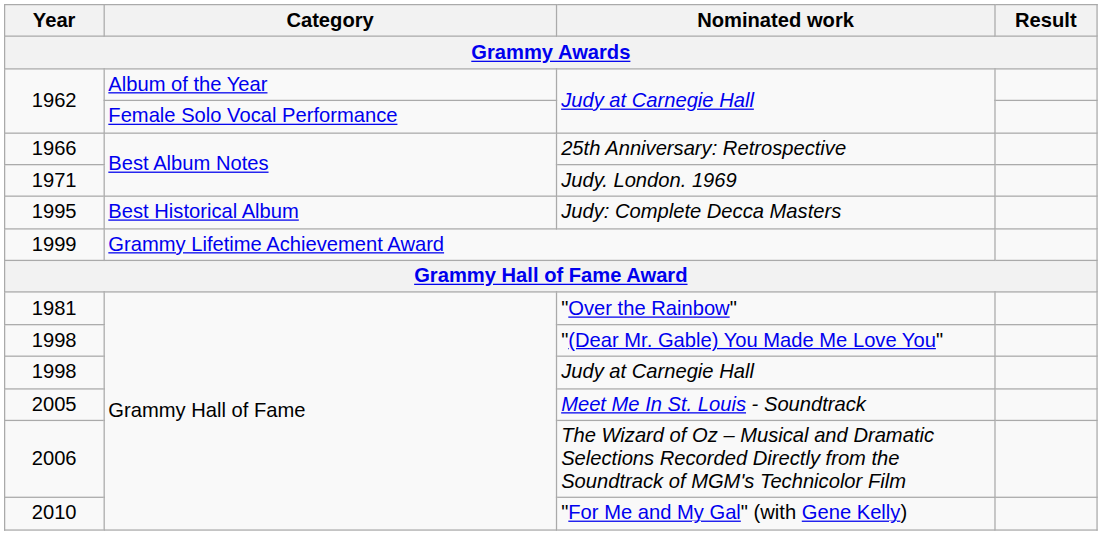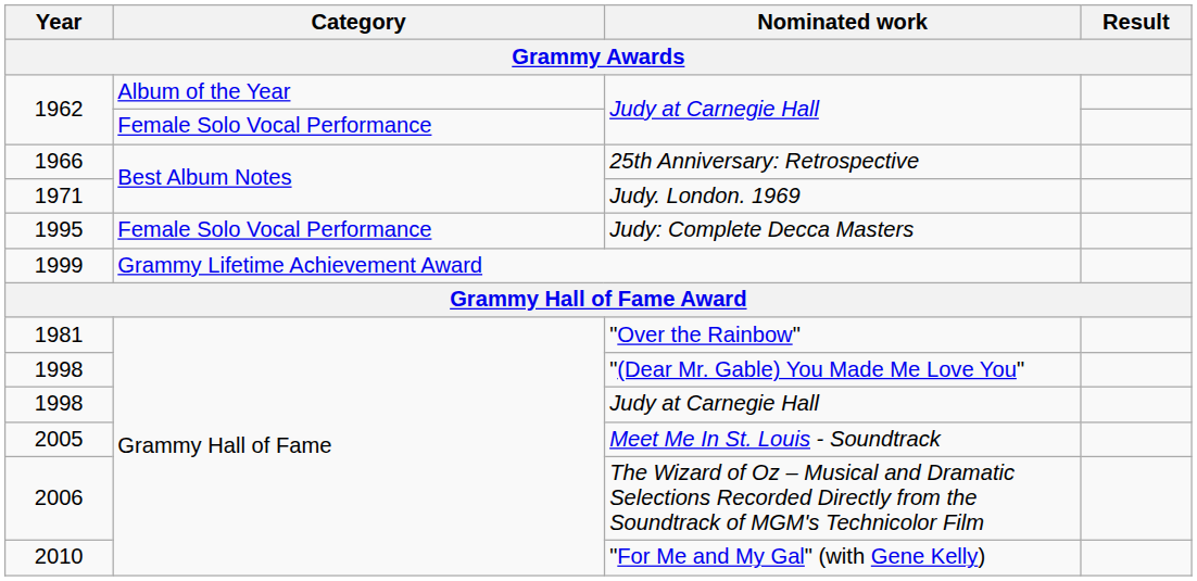 <table class=wikitable>
 <tr>
 <th scope="col" style="width:5em;">Year</th>
 <th scope="col" style="width:26em;">Category</th>
 <th scope="col" style="width:25em;">Nominated work</th>
 <th scope="col" style="width:5em;">Result</th>
 </tr>
 <tr>
 <th colspan=5><a href='#'>Grammy Awards</a></th>
 </tr>
 <tr>
 <td rowspan="2" style="text-align:center;">1962</td>
 <td><a href='#'>Album of the Year</a></td>
 <td rowspan="2"><em><a href='#'>Judy at Carnegie Hall</a></em></td>
 <td></td>
 </tr>
 <tr>
 <td><a href='#'>Female Solo Vocal Performance</a></td>
 <td></td>
 </tr>
 <tr>
 <td style="text-align:center;">1966</td>
 <td rowspan="2"><a href='#'>Best Album Notes</a></td>
 <td><em>25th Anniversary: Retrospective</em></td>
 <td></td>
 </tr>
 <tr>
 <td style="text-align:center;">1971</td>
 <td><em>Judy. London. 1969</em></td>
 <td></td>
 </tr>
 <tr>
 <td style="text-align:center;">1995</td>
-<td><a href='#'>Best Historical Album</a></td>
+<td><a href='#'>Female Solo Vocal Performance</a></td>
 <td><em>Judy: Complete Decca Masters</em></td>
 <td></td>
 </tr>
 <tr>
 <td style="text-align:center;">1999</td>
 <td colspan=2><a href='#'>Grammy Lifetime Achievement Award</a></td>
 <td></td>
 </tr>
 <tr>
 <th colspan=5><a href='#'>Grammy Hall of Fame Award</a></th>
 </tr>
 <tr>
 <td style="text-align:center;">1981</td>
 <td rowspan="6">Grammy Hall of Fame</td>
 <td>"<a href='#'>Over the Rainbow</a>"</td>
 <td></td>
 </tr>
 <tr>
 <td style="text-align:center;">1998</td>
 <td>"<a href='#'>(Dear Mr. Gable) You Made Me Love You</a>"</td>
 <td></td>
 </tr>
 <tr>
 <td style="text-align:center;">1998</td>
 <td><em>Judy at Carnegie Hall</em></td>
 <td></td>
 </tr>
 <tr>
 <td style="text-align:center;">2005</td>
 <td><em><a href='#'>Meet Me In St. Louis</a> - Soundtrack</em></td>
 <td></td>
 </tr>
 <tr>
 <td style="text-align:center;">2006</td>
 <td><em>The Wizard of Oz – Musical and Dramatic Selections Recorded Directly from the Soundtrack of MGM's Technicolor Film</em></td>
 <td></td>
 </tr>
 <tr>
 <td style="text-align:center;">2010</td>
 <td>"<a href='#'>For Me and My Gal</a>" (with <a href='#'>Gene Kelly</a>)</td>
 <td></td>
 </tr>
 </table>
